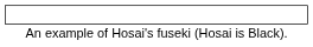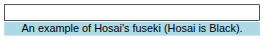 <table style="margin:1em; width:380px">
 <tr>
 <td style="border: solid thin; padding: 2px;"><br></td>
 </tr>
 <tr>
-<td style="text-align:center">An example of Hosai's fuseki (Hosai is Black).</td>
+<td style="background: lightblue; text-align:center">An example of Hosai's fuseki (Hosai is Black).</td>
 </tr>
 </table>
